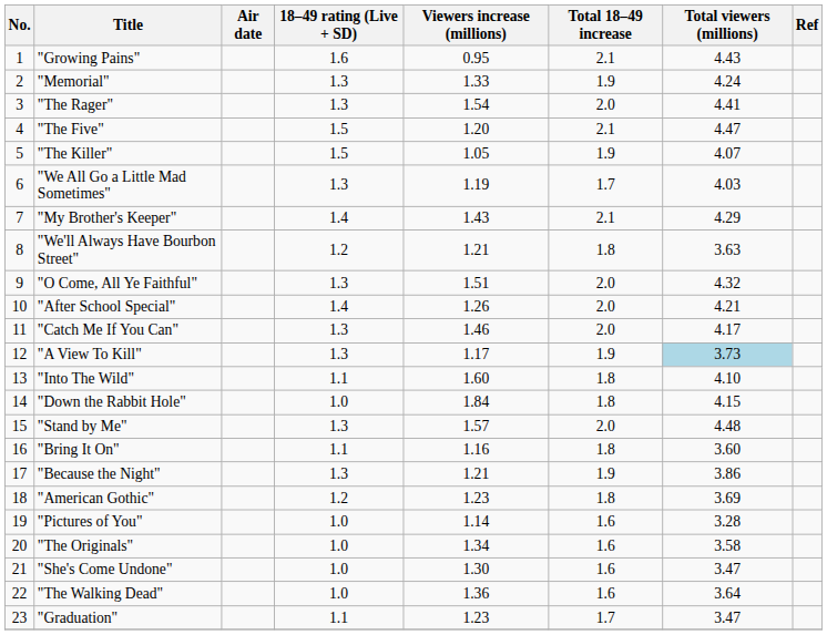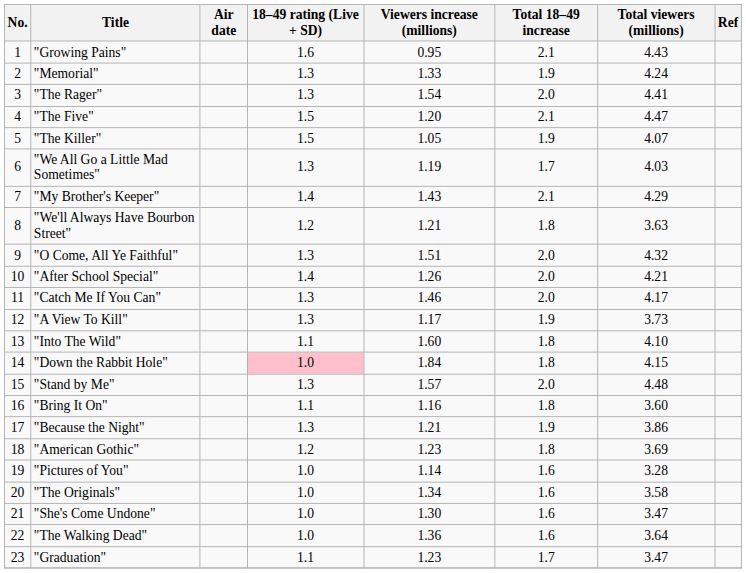 <table class="wikitable">
 <tr style="background:#fff;">
 <th>No.</th>
 <th>Title</th>
 <th>Air date</th>
 <th>18–49 rating (Live + SD)</th>
 <th>Viewers increase (millions)</th>
 <th>Total 18–49 increase</th>
 <th>Total viewers (millions)</th>
 <th>Ref</th>
 </tr>
 <tr>
 <td style="text-align:center;">1</td>
 <td>"Growing Pains"</td>
 <td></td>
 <td style="text-align:center;">1.6</td>
 <td style="text-align:center;">0.95</td>
 <td style="text-align:center;">2.1</td>
 <td style="text-align:center;">4.43</td>
 <td style="text-align:center;"></td>
 </tr>
 <tr>
 <td style="text-align:center;">2</td>
 <td>"Memorial"</td>
 <td></td>
 <td style="text-align:center;">1.3</td>
 <td style="text-align:center;">1.33</td>
 <td style="text-align:center;">1.9</td>
 <td style="text-align:center;">4.24</td>
 <td style="text-align:center;"></td>
 </tr>
 <tr>
 <td style="text-align:center;">3</td>
 <td>"The Rager"</td>
 <td></td>
 <td style="text-align:center;">1.3</td>
 <td style="text-align:center;">1.54</td>
 <td style="text-align:center;">2.0</td>
 <td style="text-align:center;">4.41</td>
 <td style="text-align:center;"></td>
 </tr>
 <tr>
 <td style="text-align:center;">4</td>
 <td>"The Five"</td>
 <td></td>
 <td style="text-align:center;">1.5</td>
 <td style="text-align:center;">1.20</td>
 <td style="text-align:center;">2.1</td>
 <td style="text-align:center;">4.47</td>
 <td style="text-align:center;"></td>
 </tr>
 <tr>
 <td style="text-align:center;">5</td>
 <td>"The Killer"</td>
 <td></td>
 <td style="text-align:center;">1.5</td>
 <td style="text-align:center;">1.05</td>
 <td style="text-align:center;">1.9</td>
 <td style="text-align:center;">4.07</td>
 <td style="text-align:center;"></td>
 </tr>
 <tr>
 <td style="text-align:center;">6</td>
 <td>"We All Go a Little Mad Sometimes"</td>
 <td></td>
 <td style="text-align:center;">1.3</td>
 <td style="text-align:center;">1.19</td>
 <td style="text-align:center;">1.7</td>
 <td style="text-align:center;">4.03</td>
 <td style="text-align:center;"></td>
 </tr>
 <tr>
 <td style="text-align:center;">7</td>
 <td>"My Brother's Keeper"</td>
 <td></td>
 <td style="text-align:center;">1.4</td>
 <td style="text-align:center;">1.43</td>
 <td style="text-align:center;">2.1</td>
 <td style="text-align:center;">4.29</td>
 <td style="text-align:center;"></td>
 </tr>
 <tr>
 <td style="text-align:center;">8</td>
 <td>"We'll Always Have Bourbon Street"</td>
 <td></td>
 <td style="text-align:center;">1.2</td>
 <td style="text-align:center;">1.21</td>
 <td style="text-align:center;">1.8</td>
 <td style="text-align:center;">3.63</td>
 <td style="text-align:center;"></td>
 </tr>
 <tr>
 <td style="text-align:center;">9</td>
 <td>"O Come, All Ye Faithful"</td>
 <td></td>
 <td style="text-align:center;">1.3</td>
 <td style="text-align:center;">1.51</td>
 <td style="text-align:center;">2.0</td>
 <td style="text-align:center;">4.32</td>
 <td style="text-align:center;"></td>
 </tr>
 <tr>
 <td style="text-align:center;">10</td>
 <td>"After School Special"</td>
 <td></td>
 <td style="text-align:center;">1.4</td>
 <td style="text-align:center;">1.26</td>
 <td style="text-align:center;">2.0</td>
 <td style="text-align:center;">4.21</td>
 <td style="text-align:center;"></td>
 </tr>
 <tr>
 <td style="text-align:center;">11</td>
 <td>"Catch Me If You Can"</td>
 <td></td>
 <td style="text-align:center;">1.3</td>
 <td style="text-align:center;">1.46</td>
 <td style="text-align:center;">2.0</td>
 <td style="text-align:center;">4.17</td>
 <td style="text-align:center;"></td>
 </tr>
 <tr>
 <td style="text-align:center;">12</td>
 <td>"A View To Kill"</td>
 <td></td>
 <td style="text-align:center;">1.3</td>
 <td style="text-align:center;">1.17</td>
 <td style="text-align:center;">1.9</td>
-<td style="background: lightblue; text-align:center;">3.73</td>
+<td style="text-align:center;">3.73</td>
 <td style="text-align:center;"></td>
 </tr>
 <tr>
 <td style="text-align:center;">13</td>
 <td>"Into The Wild"</td>
 <td></td>
 <td style="text-align:center;">1.1</td>
 <td style="text-align:center;">1.60</td>
 <td style="text-align:center;">1.8</td>
 <td style="text-align:center;">4.10</td>
 <td style="text-align:center;"></td>
 </tr>
 <tr>
 <td style="text-align:center;">14</td>
 <td>"Down the Rabbit Hole"</td>
 <td></td>
-<td style="text-align:center;">1.0</td>
+<td style="background: pink; text-align:center;">1.0</td>
 <td style="text-align:center;">1.84</td>
 <td style="text-align:center;">1.8</td>
 <td style="text-align:center;">4.15</td>
 <td style="text-align:center;"></td>
 </tr>
 <tr>
 <td style="text-align:center;">15</td>
 <td>"Stand by Me"</td>
 <td></td>
 <td style="text-align:center;">1.3</td>
 <td style="text-align:center;">1.57</td>
 <td style="text-align:center;">2.0</td>
 <td style="text-align:center;">4.48</td>
 <td style="text-align:center;"></td>
 </tr>
 <tr>
 <td style="text-align:center;">16</td>
 <td>"Bring It On"</td>
 <td></td>
 <td style="text-align:center;">1.1</td>
 <td style="text-align:center;">1.16</td>
 <td style="text-align:center;">1.8</td>
 <td style="text-align:center;">3.60</td>
 <td style="text-align:center;"></td>
 </tr>
 <tr>
 <td style="text-align:center;">17</td>
 <td>"Because the Night"</td>
 <td></td>
 <td style="text-align:center;">1.3</td>
 <td style="text-align:center;">1.21</td>
 <td style="text-align:center;">1.9</td>
 <td style="text-align:center;">3.86</td>
 <td style="text-align:center;"></td>
 </tr>
 <tr>
 <td style="text-align:center;">18</td>
 <td>"American Gothic"</td>
 <td></td>
 <td style="text-align:center;">1.2</td>
 <td style="text-align:center;">1.23</td>
 <td style="text-align:center;">1.8</td>
 <td style="text-align:center;">3.69</td>
 <td style="text-align:center;"></td>
 </tr>
 <tr>
 <td style="text-align:center;">19</td>
 <td>"Pictures of You"</td>
 <td></td>
 <td style="text-align:center;">1.0</td>
 <td style="text-align:center;">1.14</td>
 <td style="text-align:center;">1.6</td>
 <td style="text-align:center;">3.28</td>
 <td style="text-align:center;"></td>
 </tr>
 <tr>
 <td style="text-align:center;">20</td>
 <td>"The Originals"</td>
 <td></td>
 <td style="text-align:center;">1.0</td>
 <td style="text-align:center;">1.34</td>
 <td style="text-align:center;">1.6</td>
 <td style="text-align:center;">3.58</td>
 <td style="text-align:center;"></td>
 </tr>
 <tr>
 <td style="text-align:center;">21</td>
 <td>"She's Come Undone"</td>
 <td></td>
 <td style="text-align:center;">1.0</td>
 <td style="text-align:center;">1.30</td>
 <td style="text-align:center;">1.6</td>
 <td style="text-align:center;">3.47</td>
 <td style="text-align:center;"></td>
 </tr>
 <tr>
 <td style="text-align:center;">22</td>
 <td>"The Walking Dead"</td>
 <td></td>
 <td style="text-align:center;">1.0</td>
 <td style="text-align:center;">1.36</td>
 <td style="text-align:center;">1.6</td>
 <td style="text-align:center;">3.64</td>
 <td style="text-align:center;"></td>
 </tr>
 <tr>
 <td style="text-align:center;">23</td>
 <td>"Graduation"</td>
 <td></td>
 <td style="text-align:center;">1.1</td>
 <td style="text-align:center;">1.23</td>
 <td style="text-align:center;">1.7</td>
 <td style="text-align:center;">3.47</td>
 <td style="text-align:center;"></td>
 </tr>
 <tr>
 </tr>
 </table>
